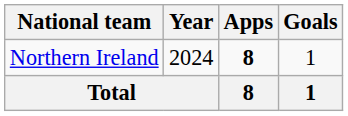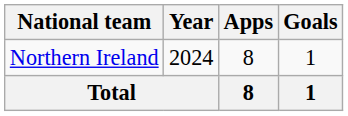 <table class="wikitable" style="text-align: center;">
 <tr>
 <th>National team</th>
 <th>Year</th>
 <th>Apps</th>
 <th>Goals</th>
 </tr>
 <tr>
 <td><a href='#'>Northern Ireland</a></td>
 <td>2024</td>
-<td><strong>8</strong></td>
+<td>8</td>
 <td>1</td>
 </tr>
 <tr>
 <th colspan="2">Total</th>
 <th>8</th>
 <th>1</th>
 </tr>
 </table>
